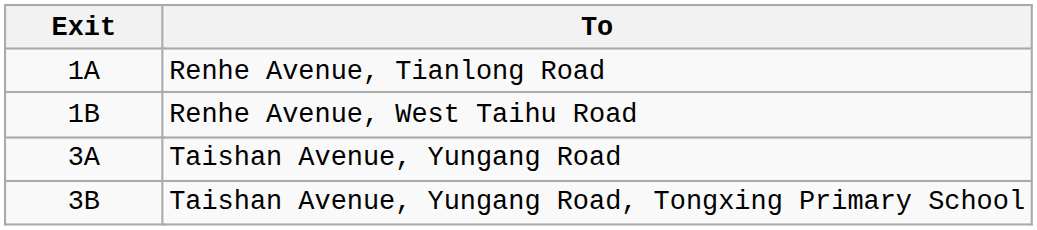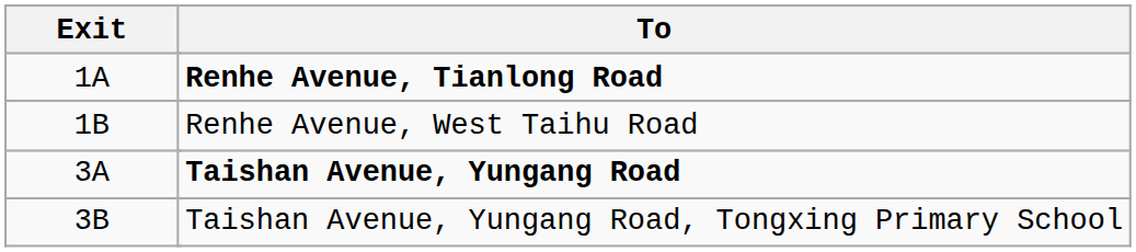 <table class="wikitable">
 <tr>
 <th style="width:70px" colspan="2">Exit</th>
 <th>To</th>
 </tr>
 <tr>
 <td align="center" colspan="2">1A</td>
-<td>Renhe Avenue, Tianlong Road</td>
+<td><strong>Renhe Avenue, Tianlong Road</strong></td>
 </tr>
 <tr>
 <td align="center" colspan="2">1B</td>
 <td>Renhe Avenue, West Taihu Road</td>
 </tr>
 <tr>
 <td align="center" colspan="2">3A</td>
-<td>Taishan Avenue, Yungang Road</td>
+<td><strong>Taishan Avenue, Yungang Road</strong></td>
 </tr>
 <tr>
 <td align="center" colspan="2">3B</td>
 <td>Taishan Avenue, Yungang Road, Tongxing Primary School</td>
 </tr>
 </table>
